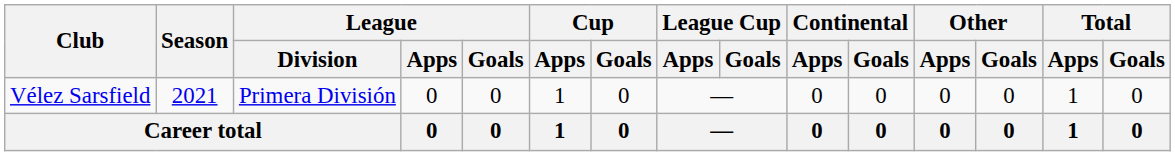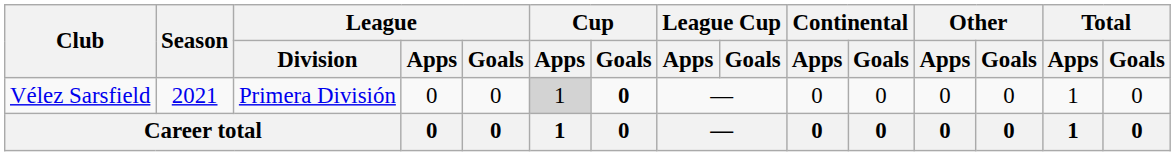 <table class="wikitable" style="text-align:center">
 <tr>
 <th rowspan="2">Club</th>
 <th rowspan="2">Season</th>
 <th colspan="3">League</th>
 <th colspan="2">Cup</th>
 <th colspan="2">League Cup</th>
 <th colspan="2">Continental</th>
 <th colspan="2">Other</th>
 <th colspan="2">Total</th>
 </tr>
 <tr>
 <th>Division</th>
 <th>Apps</th>
 <th>Goals</th>
 <th>Apps</th>
 <th>Goals</th>
 <th>Apps</th>
 <th>Goals</th>
 <th>Apps</th>
 <th>Goals</th>
 <th>Apps</th>
 <th>Goals</th>
 <th>Apps</th>
 <th>Goals</th>
 </tr>
 <tr>
 <td rowspan="1"><a href='#'>Vélez Sarsfield</a></td>
 <td><a href='#'>2021</a></td>
 <td rowspan="1"><a href='#'>Primera División</a></td>
 <td>0</td>
 <td>0</td>
-<td>1</td>
-<td>0</td>
+<td style="background: lightgrey;">1</td>
+<td><strong>0</strong></td>
 <td colspan="2">—</td>
 <td>0</td>
 <td>0</td>
 <td>0</td>
 <td>0</td>
 <td>1</td>
 <td>0</td>
 </tr>
 <tr>
 <th colspan="3">Career total</th>
 <th>0</th>
 <th>0</th>
 <th>1</th>
 <th>0</th>
 <th colspan="2">—</th>
 <th>0</th>
 <th>0</th>
 <th>0</th>
 <th>0</th>
 <th>1</th>
 <th>0</th>
 </tr>
 </table>
